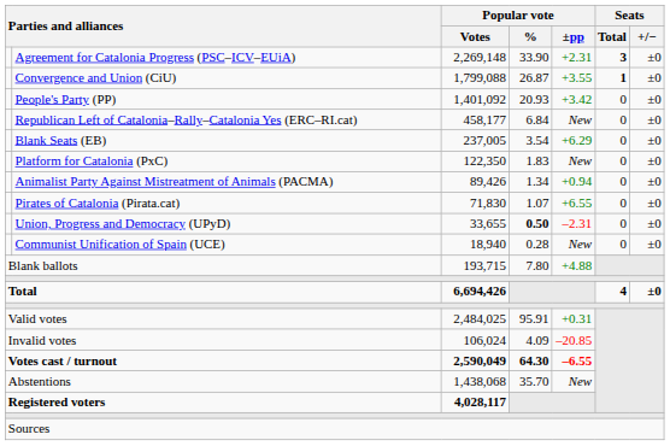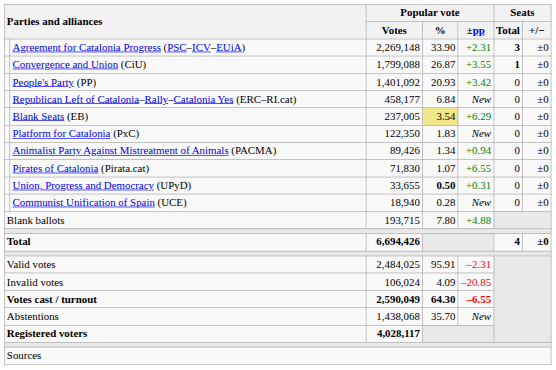 <table class="wikitable" style="text-align:right;">
 <tr>
 <th style="text-align:left;" rowspan="2" colspan="2" width="525">Parties and alliances</th>
 <th colspan="3">Popular vote</th>
 <th colspan="2">Seats</th>
 </tr>
 <tr>
 <th width="75">Votes</th>
 <th width="45">%</th>
 <th width="45">±<a href='#'>pp</a></th>
 <th width="35">Total</th>
 <th width="35">+/−</th>
 </tr>
 <tr>
 <td width="1" style="color:inherit;background:"></td>
 <td align="left"><a href='#'>Agreement for Catalonia Progress</a> (<a href='#'>PSC</a>–<a href='#'>ICV</a>–<a href='#'>EUiA</a>)</td>
 <td>2,269,148</td>
 <td>33.90</td>
 <td style="color:green;">+2.31</td>
 <td><strong>3</strong></td>
 <td>±0</td>
 </tr>
 <tr>
 <td style="color:inherit;background:"></td>
 <td align="left"><a href='#'>Convergence and Union</a> (CiU)</td>
 <td>1,799,088</td>
 <td>26.87</td>
 <td style="color:green;">+3.55</td>
 <td><strong>1</strong></td>
 <td>±0</td>
 </tr>
 <tr>
 <td style="color:inherit;background:"></td>
 <td align="left"><a href='#'>People's Party</a> (PP)</td>
 <td>1,401,092</td>
 <td>20.93</td>
 <td style="color:green;">+3.42</td>
 <td>0</td>
 <td>±0</td>
 </tr>
 <tr>
 <td style="color:inherit;background:"></td>
 <td align="left"><a href='#'>Republican Left of Catalonia</a>–<a href='#'>Rally</a>–<a href='#'>Catalonia Yes</a> (ERC–RI.cat)</td>
 <td>458,177</td>
 <td>6.84</td>
 <td><em>New</em></td>
 <td>0</td>
 <td>±0</td>
 </tr>
 <tr>
 <td style="color:inherit;background:"></td>
 <td align="left"><a href='#'>Blank Seats</a> (EB)</td>
 <td>237,005</td>
-<td>3.54</td>
+<td style="background: khaki;">3.54</td>
 <td style="color:green;">+6.29</td>
 <td>0</td>
 <td>±0</td>
 </tr>
 <tr>
 <td style="color:inherit;background:"></td>
 <td align="left"><a href='#'>Platform for Catalonia</a> (PxC)</td>
 <td>122,350</td>
 <td>1.83</td>
 <td><em>New</em></td>
 <td>0</td>
 <td>±0</td>
 </tr>
 <tr>
 <td style="color:inherit;background:"></td>
 <td align="left"><a href='#'>Animalist Party Against Mistreatment of Animals</a> (PACMA)</td>
 <td>89,426</td>
 <td>1.34</td>
 <td style="color:green;">+0.94</td>
 <td>0</td>
 <td>±0</td>
 </tr>
 <tr>
 <td style="color:inherit;background:"></td>
 <td align="left"><a href='#'>Pirates of Catalonia</a> (Pirata.cat)</td>
 <td>71,830</td>
 <td>1.07</td>
 <td style="color:green;">+6.55</td>
 <td>0</td>
 <td>±0</td>
 </tr>
 <tr>
 <td style="color:inherit;background:"></td>
 <td align="left"><a href='#'>Union, Progress and Democracy</a> (UPyD)</td>
 <td>33,655</td>
 <td><strong>0.50</strong></td>
-<td style="color:red;">–2.31</td>
+<td style="color:green;">+0.31</td>
 <td>0</td>
 <td>±0</td>
 </tr>
 <tr>
 <td style="color:inherit;background:"></td>
 <td align="left"><a href='#'>Communist Unification of Spain</a> (UCE)</td>
 <td>18,940</td>
 <td>0.28</td>
 <td><em>New</em></td>
 <td>0</td>
 <td>±0</td>
 </tr>
 <tr>
 <td align="left" colspan="2">Blank ballots</td>
 <td>193,715</td>
 <td>7.80</td>
 <td style="color:green;">+4.88</td>
 <td bgcolor="#E9E9E9" colspan="2"></td>
 </tr>
 <tr>
 <td colspan="7" bgcolor="#E9E9E9"></td>
 </tr>
 <tr style="font-weight:bold;">
 <td align="left" colspan="2">Total</td>
 <td>6,694,426</td>
 <td bgcolor="#E9E9E9" colspan="2"></td>
 <td>4</td>
 <td>±0</td>
 </tr>
 <tr>
 <td colspan="7" bgcolor="#E9E9E9"></td>
 </tr>
 <tr>
 <td align="left" colspan="2">Valid votes</td>
 <td>2,484,025</td>
 <td>95.91</td>
-<td style="color:green;">+0.31</td>
+<td style="color:red;">–2.31</td>
 <td bgcolor="#E9E9E9" colspan="2" rowspan="5"></td>
 </tr>
 <tr>
 <td align="left" colspan="2">Invalid votes</td>
 <td>106,024</td>
 <td>4.09</td>
 <td style="color:red;">–20.85</td>
 </tr>
 <tr style="font-weight:bold;">
 <td align="left" colspan="2">Votes cast / turnout</td>
 <td>2,590,049</td>
 <td>64.30</td>
 <td style="color:red;">–6.55</td>
 </tr>
 <tr>
 <td align="left" colspan="2">Abstentions</td>
 <td>1,438,068</td>
 <td>35.70</td>
 <td><em>New</em></td>
 </tr>
 <tr style="font-weight:bold;">
 <td align="left" colspan="2">Registered voters</td>
 <td>4,028,117</td>
 <td bgcolor="#E9E9E9" colspan="2"></td>
 </tr>
 <tr>
 <td colspan="7" bgcolor="#E9E9E9"></td>
 </tr>
 <tr>
 <td align="left" colspan="7">Sources</td>
 </tr>
 </table>
